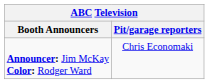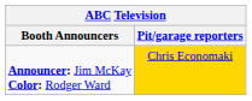 <table class="wikitable" style="font-size: 95%;">
 <tr>
 <th colspan=2><a href='#'>ABC</a> <a href='#'>Television</a></th>
 </tr>
 <tr>
 <th>Booth Announcers</th>
 <th><a href='#'>Pit/garage reporters</a></th>
 </tr>
 <tr>
 <td valign="top"><br><strong><a href='#'>Announcer</a>:</strong> <a href='#'>Jim McKay</a><br> <strong><a href='#'>Color</a>:</strong> <a href='#'>Rodger Ward</a><br></td>
-<td align="center" valign="top"><a href='#'>Chris Economaki</a></td>
+<td align="center" valign="top" style="background: gold;"><a href='#'>Chris Economaki</a></td>
 </tr>
 </table>
